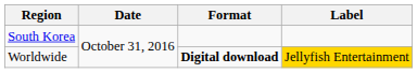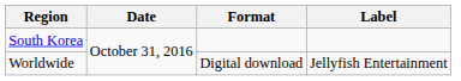 <table class = "wikitable">
 <tr>
 <th>Region</th>
 <th>Date</th>
 <th>Format</th>
 <th>Label</th>
 </tr>
 <tr>
 <td><a href='#'>South Korea</a></td>
 <td rowspan=2>October 31, 2016</td>
 <td></td>
 <td></td>
 </tr>
 <tr>
 <td>Worldwide</td>
-<td><strong>Digital download</strong></td>
-<td style="background: gold;">Jellyfish Entertainment</td>
+<td>Digital download</td>
+<td>Jellyfish Entertainment</td>
 </tr>
 </table>
